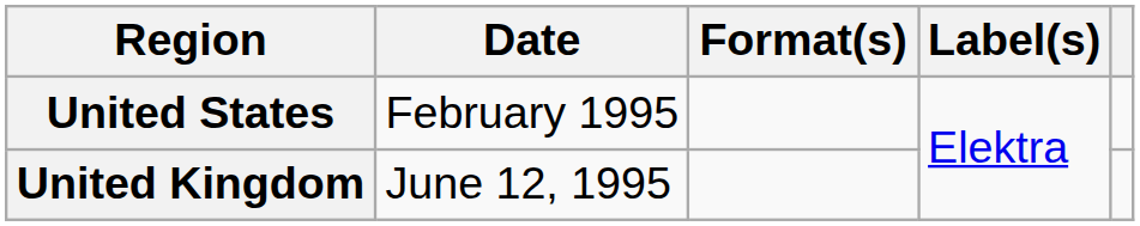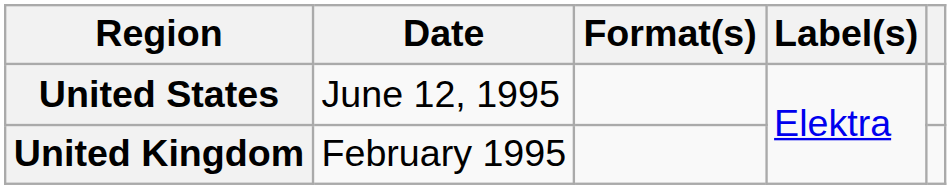 <table class="wikitable plainrowheaders">
 <tr>
 <th scope="col">Region</th>
 <th scope="col">Date</th>
 <th scope="col">Format(s)</th>
 <th scope="col">Label(s)</th>
 <th scope="col"></th>
 </tr>
 <tr>
 <th scope="row">United States</th>
-<td>February 1995</td>
+<td>June 12, 1995</td>
 <td></td>
 <td rowspan="2"><a href='#'>Elektra</a></td>
 <td></td>
 </tr>
 <tr>
 <th scope="row">United Kingdom</th>
-<td>June 12, 1995</td>
+<td>February 1995</td>
 <td></td>
 <td></td>
 </tr>
 </table>
